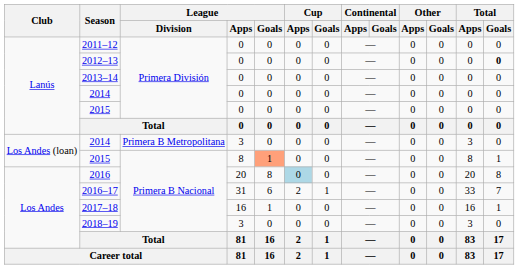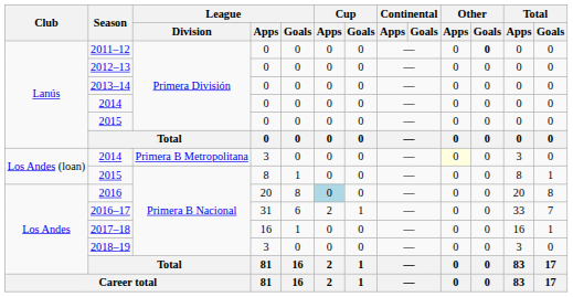 <table class="wikitable" style="text-align:center">
 <tr>
 <th rowspan="2">Club</th>
 <th rowspan="2">Season</th>
 <th colspan="3">League</th>
 <th colspan="2">Cup</th>
 <th colspan="2">Continental</th>
 <th colspan="2">Other</th>
 <th colspan="2">Total</th>
 </tr>
 <tr>
 <th>Division</th>
 <th>Apps</th>
 <th>Goals</th>
 <th>Apps</th>
 <th>Goals</th>
 <th>Apps</th>
 <th>Goals</th>
 <th>Apps</th>
 <th>Goals</th>
 <th>Apps</th>
 <th>Goals</th>
 </tr>
 <tr>
 <td rowspan="6"><a href='#'>Lanús</a></td>
 <td><a href='#'>2011–12</a></td>
 <td rowspan="5"><a href='#'>Primera División</a></td>
 <td>0</td>
 <td>0</td>
 <td>0</td>
 <td>0</td>
 <td colspan="2">—</td>
 <td>0</td>
-<td>0</td>
+<td><strong>0</strong></td>
 <td>0</td>
 <td>0</td>
 </tr>
 <tr>
 <td><a href='#'>2012–13</a></td>
 <td>0</td>
 <td>0</td>
 <td>0</td>
 <td>0</td>
 <td colspan="2">—</td>
 <td>0</td>
 <td>0</td>
 <td>0</td>
-<td><strong>0</strong></td>
+<td>0</td>
 </tr>
 <tr>
 <td><a href='#'>2013–14</a></td>
 <td>0</td>
 <td>0</td>
 <td>0</td>
 <td>0</td>
 <td colspan="2">—</td>
 <td>0</td>
 <td>0</td>
 <td>0</td>
 <td>0</td>
 </tr>
 <tr>
 <td><a href='#'>2014</a></td>
 <td>0</td>
 <td>0</td>
 <td>0</td>
 <td>0</td>
 <td colspan="2">—</td>
 <td>0</td>
 <td>0</td>
 <td>0</td>
 <td>0</td>
 </tr>
 <tr>
 <td><a href='#'>2015</a></td>
 <td>0</td>
 <td>0</td>
 <td>0</td>
 <td>0</td>
 <td colspan="2">—</td>
 <td>0</td>
 <td>0</td>
 <td>0</td>
 <td>0</td>
 </tr>
 <tr>
 <th colspan="2">Total</th>
 <th>0</th>
 <th>0</th>
 <th>0</th>
 <th>0</th>
 <th colspan="2">—</th>
 <th>0</th>
 <th>0</th>
 <th>0</th>
 <th>0</th>
 </tr>
 <tr>
 <td rowspan="2"><a href='#'>Los Andes</a> (loan)</td>
 <td><a href='#'>2014</a></td>
 <td rowspan="1"><a href='#'>Primera B Metropolitana</a></td>
 <td>3</td>
 <td>0</td>
 <td>0</td>
 <td>0</td>
 <td colspan="2">—</td>
-<td>0</td>
+<td style="background: lightyellow;">0</td>
 <td>0</td>
 <td>3</td>
 <td>0</td>
 </tr>
 <tr>
 <td><a href='#'>2015</a></td>
 <td rowspan="5"><a href='#'>Primera B Nacional</a></td>
 <td>8</td>
-<td style="background: lightsalmon;">1</td>
+<td>1</td>
 <td>0</td>
 <td>0</td>
 <td colspan="2">—</td>
 <td>0</td>
 <td>0</td>
 <td>8</td>
 <td>1</td>
 </tr>
 <tr>
 <td rowspan="5"><a href='#'>Los Andes</a></td>
 <td><a href='#'>2016</a></td>
 <td>20</td>
 <td>8</td>
 <td style="background: lightblue;">0</td>
 <td>0</td>
 <td colspan="2">—</td>
 <td>0</td>
 <td>0</td>
 <td>20</td>
 <td>8</td>
 </tr>
 <tr>
 <td><a href='#'>2016–17</a></td>
 <td>31</td>
 <td>6</td>
 <td>2</td>
 <td>1</td>
 <td colspan="2">—</td>
 <td>0</td>
 <td>0</td>
 <td>33</td>
 <td>7</td>
 </tr>
 <tr>
 <td><a href='#'>2017–18</a></td>
 <td>16</td>
 <td>1</td>
 <td>0</td>
 <td>0</td>
 <td colspan="2">—</td>
 <td>0</td>
 <td>0</td>
 <td>16</td>
 <td>1</td>
 </tr>
 <tr>
 <td><a href='#'>2018–19</a></td>
 <td>3</td>
 <td>0</td>
 <td>0</td>
 <td>0</td>
 <td colspan="2">—</td>
 <td>0</td>
 <td>0</td>
 <td>3</td>
 <td>0</td>
 </tr>
 <tr>
 <th colspan="2">Total</th>
 <th>81</th>
 <th>16</th>
 <th>2</th>
 <th>1</th>
 <th colspan="2">—</th>
 <th>0</th>
 <th>0</th>
 <th>83</th>
 <th>17</th>
 </tr>
 <tr>
 <th colspan="3">Career total</th>
 <th>81</th>
 <th>16</th>
 <th>2</th>
 <th>1</th>
 <th colspan="2">—</th>
 <th>0</th>
 <th>0</th>
 <th>83</th>
 <th>17</th>
 </tr>
 </table>
